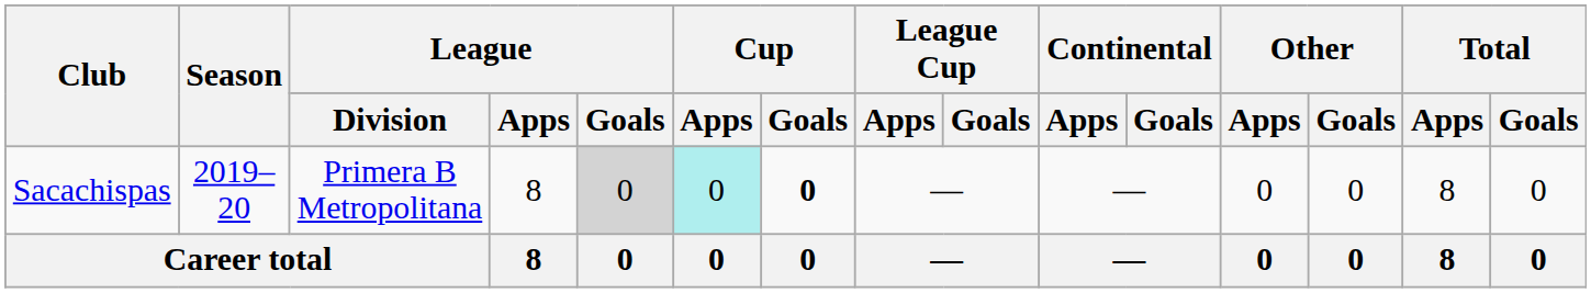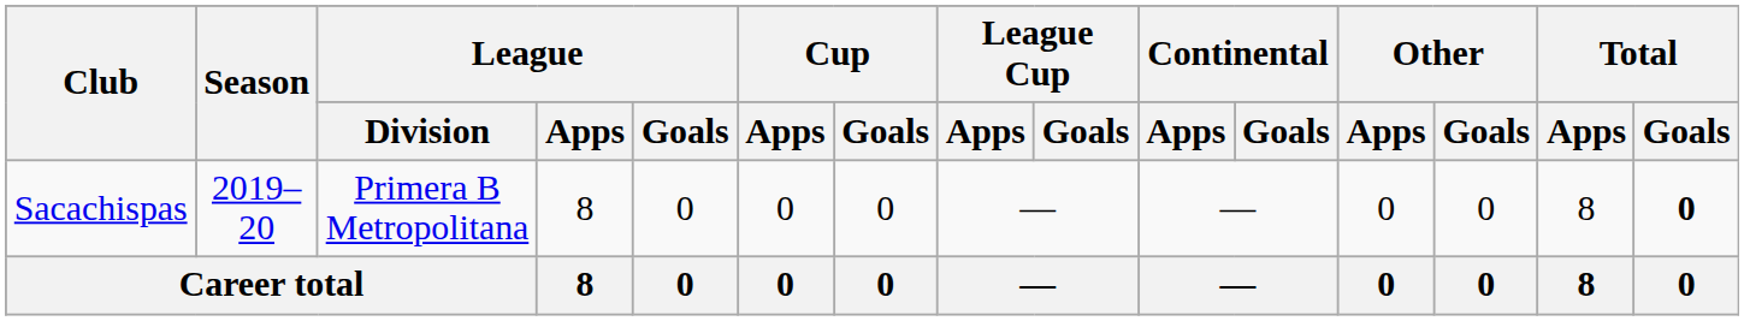 <table class="wikitable" style="text-align:center">
 <tr>
 <th rowspan="2">Club</th>
 <th rowspan="2">Season</th>
 <th colspan="3">League</th>
 <th colspan="2">Cup</th>
 <th colspan="2">League Cup</th>
 <th colspan="2">Continental</th>
 <th colspan="2">Other</th>
 <th colspan="2">Total</th>
 </tr>
 <tr>
 <th>Division</th>
 <th>Apps</th>
 <th>Goals</th>
 <th>Apps</th>
 <th>Goals</th>
 <th>Apps</th>
 <th>Goals</th>
 <th>Apps</th>
 <th>Goals</th>
 <th>Apps</th>
 <th>Goals</th>
 <th>Apps</th>
 <th>Goals</th>
 </tr>
 <tr>
 <td rowspan="1"><a href='#'>Sacachispas</a></td>
 <td><a href='#'>2019–20</a></td>
 <td rowspan="1"><a href='#'>Primera B Metropolitana</a></td>
 <td>8</td>
-<td style="background: lightgrey;">0</td>
-<td style="background: paleturquoise;">0</td>
-<td><strong>0</strong></td>
+<td>0</td>
+<td>0</td>
+<td>0</td>
 <td colspan="2">—</td>
 <td colspan="2">—</td>
 <td>0</td>
 <td>0</td>
 <td>8</td>
-<td>0</td>
+<td><strong>0</strong></td>
 </tr>
 <tr>
 <th colspan="3">Career total</th>
 <th>8</th>
 <th>0</th>
 <th>0</th>
 <th>0</th>
 <th colspan="2">—</th>
 <th colspan="2">—</th>
 <th>0</th>
 <th>0</th>
 <th>8</th>
 <th>0</th>
 </tr>
 </table>
